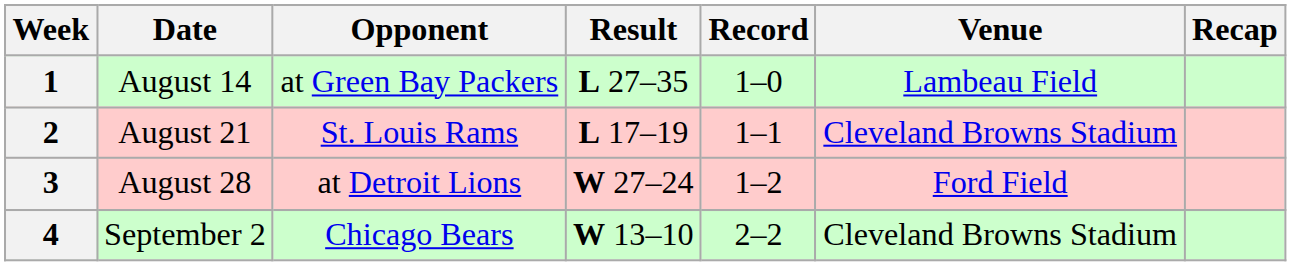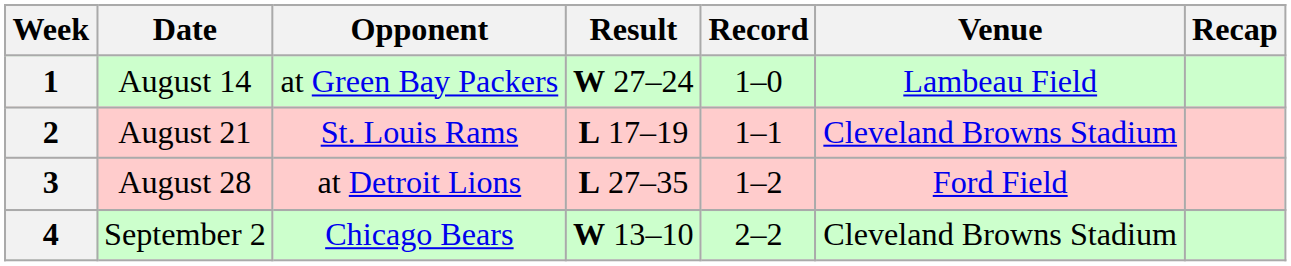 <table class="wikitable" style="text-align:center">
 <tr>
 <th>Week</th>
 <th>Date</th>
 <th>Opponent</th>
 <th>Result</th>
 <th>Record</th>
 <th>Venue</th>
 <th>Recap</th>
 </tr>
 <tr style="background:#cfc">
 <th>1</th>
 <td>August 14</td>
 <td>at <a href='#'>Green Bay Packers</a></td>
-<td><strong>L</strong> 27–35</td>
+<td><strong>W</strong> 27–24</td>
 <td>1–0</td>
 <td><a href='#'>Lambeau Field</a></td>
 <td></td>
 </tr>
 <tr style="background:#fcc">
 <th>2</th>
 <td>August 21</td>
 <td><a href='#'>St. Louis Rams</a></td>
 <td><strong>L</strong> 17–19</td>
 <td>1–1</td>
 <td><a href='#'>Cleveland Browns Stadium</a></td>
 <td></td>
 </tr>
 <tr style="background:#fcc">
 <th>3</th>
 <td>August 28</td>
 <td>at <a href='#'>Detroit Lions</a></td>
-<td><strong>W</strong> 27–24</td>
+<td><strong>L</strong> 27–35</td>
 <td>1–2</td>
 <td><a href='#'>Ford Field</a></td>
 <td></td>
 </tr>
 <tr style="background:#cfc">
 <th>4</th>
 <td>September 2</td>
 <td><a href='#'>Chicago Bears</a></td>
 <td><strong>W</strong> 13–10</td>
 <td>2–2</td>
 <td>Cleveland Browns Stadium</td>
 <td></td>
 </tr>
 </table>
